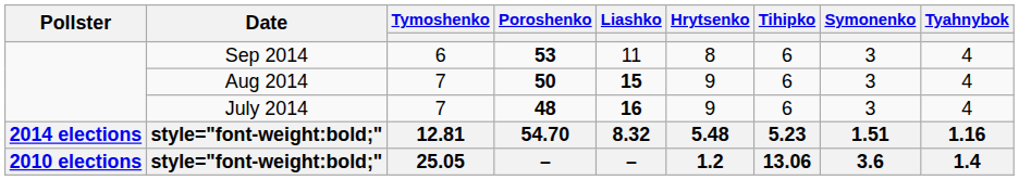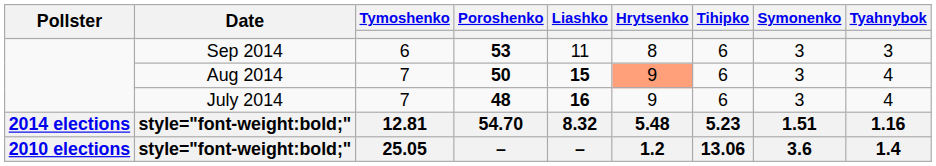 <table class="wikitable" style="text-align:center;font-size:95%;line-height:14px;">
 <tr>
 <th rowspan="2">Pollster</th>
 <th rowspan="2">Date</th>
 <th><small><a href='#'>Tymoshenko</a></small></th>
 <th> <small><a href='#'>Poroshenko</a></small></th>
 <th><small><a href='#'>Liashko</a></small></th>
 <th><small><a href='#'>Hrytsenko</a></small></th>
 <th><small><a href='#'>Tihipko</a></small></th>
 <th><small><a href='#'>Symonenko</a></small></th>
 <th><small><a href='#'>Tyahnybok</a></small></th>
 </tr>
 <tr>
 <th style="background:"></th>
 <th style="background:"></th>
 <th style="background:"></th>
 <th style="background:"></th>
 <th style="background:"></th>
 <th style="background:"></th>
 <th style="background:"></th>
 </tr>
 <tr>
 <td rowspan="3"></td>
 <td data-sort-value="2014-09-15">Sep 2014</td>
 <td>6</td>
 <td style="background-color:#"><strong>53</strong></td>
 <td>11</td>
 <td>8</td>
 <td>6</td>
 <td>3</td>
-<td>4</td>
+<td>3</td>
 </tr>
 <tr>
 <td data-sort-value="2014-08-15">Aug 2014</td>
 <td>7</td>
 <td style="background-color:#"><strong>50</strong></td>
 <td style="background-color:#"><strong>15</strong></td>
-<td>9</td>
+<td style="background: lightsalmon;">9</td>
 <td>6</td>
 <td>3</td>
 <td>4</td>
 </tr>
 <tr>
 <td data-sort-value="2014-07-15">July 2014</td>
 <td>7</td>
 <td style="background-color:#"><strong>48</strong></td>
 <td style="background-color:#"><strong>16</strong></td>
 <td>9</td>
 <td>6</td>
 <td>3</td>
 <td>4</td>
 </tr>
 <tr>
 <th><strong><a href='#'>2014 elections</a></strong></th>
 <th>style="font-weight:bold;" </th>
 <th><strong>12.81</strong></th>
 <th style="background-color:#"><strong>54.70</strong></th>
 <th><strong>8.32</strong></th>
 <th><strong>5.48</strong></th>
 <th><strong>5.23</strong></th>
 <th><strong>1.51</strong></th>
 <th><strong>1.16</strong></th>
 </tr>
 <tr>
 <th align="left"><strong><a href='#'>2010 elections</a></strong></th>
 <th>style="font-weight:bold;" </th>
 <th style="background-color:#"><strong>25.05</strong></th>
 <th>–</th>
 <th>–</th>
 <th><strong>1.2</strong></th>
 <th><strong>13.06</strong></th>
 <th><strong>3.6</strong></th>
 <th><strong>1.4</strong></th>
 </tr>
 </table>
